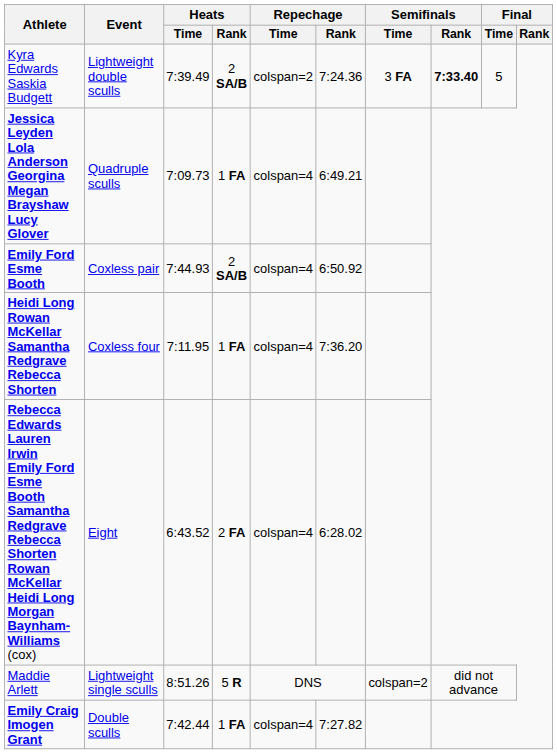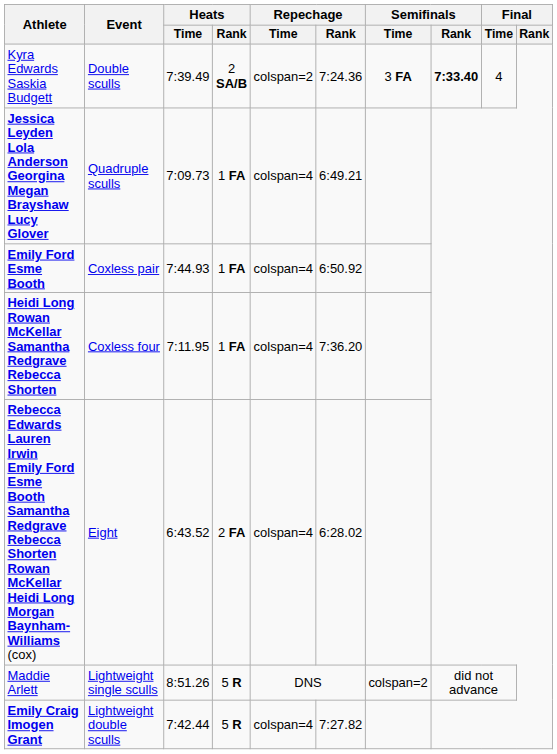 <table class="wikitable" style="font-size:90%">
 <tr>
 <th rowspan="2">Athlete</th>
 <th rowspan="2">Event</th>
 <th colspan="2">Heats</th>
 <th colspan="2">Repechage</th>
 <th colspan="2">Semifinals</th>
 <th colspan="2">Final</th>
 </tr>
 <tr style="font-size:95%">
 <th>Time</th>
 <th>Rank</th>
 <th>Time</th>
 <th>Rank</th>
 <th>Time</th>
 <th>Rank</th>
 <th>Time</th>
 <th>Rank</th>
 </tr>
 <tr align=center>
 <td align=left><a href='#'>Kyra Edwards</a><br><a href='#'>Saskia Budgett</a></td>
-<td align=left><a href='#'>Lightweight double sculls</a></td>
+<td align=left><a href='#'>Double sculls</a></td>
 <td>7:39.49</td>
 <td>2 <strong>SA/B</strong></td>
 <td>colspan=2 </td>
 <td>7:24.36</td>
 <td>3 <strong>FA</strong></td>
 <td><strong>7:33.40</strong></td>
-<td>5</td>
+<td>4</td>
 </tr>
 <tr align=center>
 <td align=left><strong><a href='#'>Jessica Leyden</a><br><a href='#'>Lola Anderson</a><br><a href='#'>Georgina Megan Brayshaw</a><br><a href='#'>Lucy Glover</a></strong></td>
 <td align=left><a href='#'>Quadruple sculls</a></td>
 <td>7:09.73</td>
 <td>1 <strong>FA</strong></td>
 <td>colspan=4 </td>
 <td>6:49.21</td>
 <td></td>
 </tr>
 <tr align=center>
 <td align=left><strong><a href='#'>Emily Ford</a><br><a href='#'>Esme Booth</a></strong></td>
 <td align=left><a href='#'>Coxless pair</a></td>
 <td>7:44.93</td>
-<td>2 <strong>SA/B</strong></td>
+<td>1 <strong>FA</strong></td>
 <td>colspan=4 </td>
 <td>6:50.92</td>
 <td></td>
 </tr>
 <tr align=center>
 <td align=left><strong><a href='#'>Heidi Long</a><br><a href='#'>Rowan McKellar</a><br><a href='#'>Samantha Redgrave</a><br><a href='#'>Rebecca Shorten</a></strong></td>
 <td align=left><a href='#'>Coxless four</a></td>
 <td>7:11.95</td>
 <td>1 <strong>FA</strong></td>
 <td>colspan=4 </td>
 <td>7:36.20</td>
 <td></td>
 </tr>
 <tr align=center>
 <td align=left><strong><a href='#'>Rebecca Edwards</a><br><a href='#'>Lauren Irwin</a><br><a href='#'>Emily Ford</a><br><a href='#'>Esme Booth</a><br><a href='#'>Samantha Redgrave</a><br><a href='#'>Rebecca Shorten</a><br><a href='#'>Rowan McKellar</a><br><a href='#'>Heidi Long</a><br><a href='#'>Morgan Baynham-Williams</a></strong> (cox)</td>
 <td align=left><a href='#'>Eight</a></td>
 <td>6:43.52</td>
 <td>2 <strong>FA</strong></td>
 <td>colspan=4 </td>
 <td>6:28.02</td>
 <td></td>
 </tr>
 <tr align=center>
 <td align=left><a href='#'>Maddie Arlett</a></td>
 <td align=left><a href='#'>Lightweight single sculls</a></td>
 <td>8:51.26</td>
 <td>5 <strong>R</strong></td>
 <td colspan=2>DNS</td>
 <td>colspan=2 </td>
 <td colspan=2>did not advance</td>
 </tr>
 <tr align=center>
 <td align=left><strong><a href='#'>Emily Craig</a><br><a href='#'>Imogen Grant</a></strong></td>
-<td align=left><a href='#'>Double sculls</a></td>
+<td align=left><a href='#'>Lightweight double sculls</a></td>
 <td>7:42.44</td>
-<td>1 <strong>FA</strong></td>
+<td>5 <strong>R</strong></td>
 <td>colspan=4 </td>
 <td>7:27.82</td>
 <td></td>
 </tr>
 </table>
